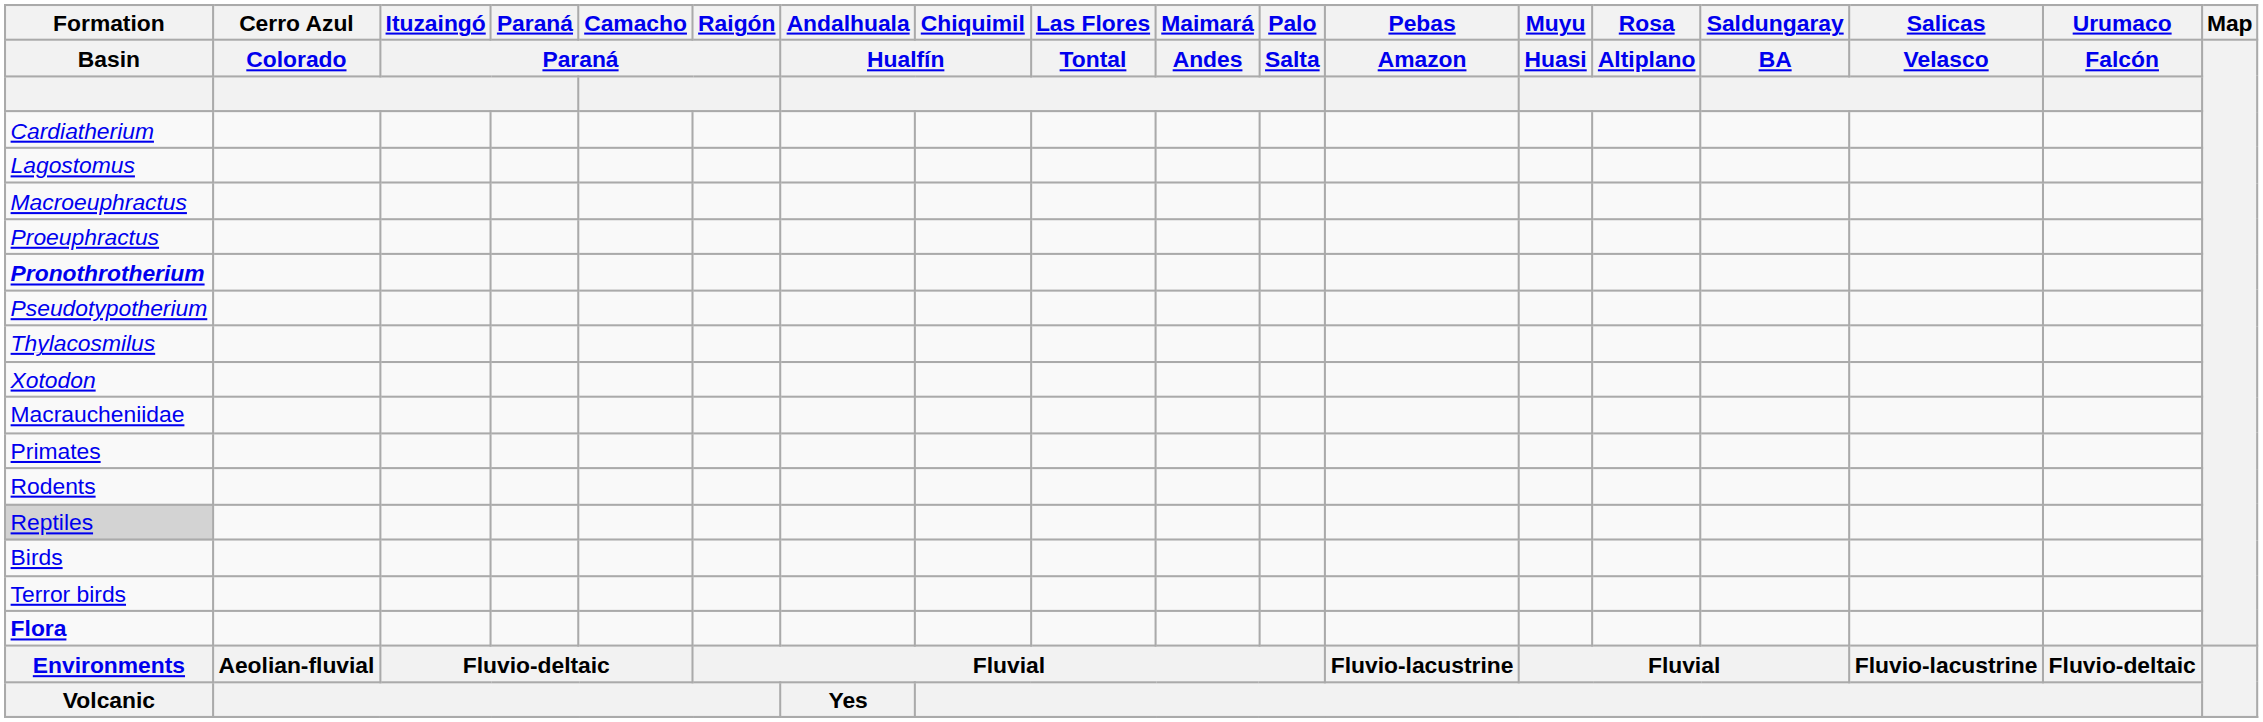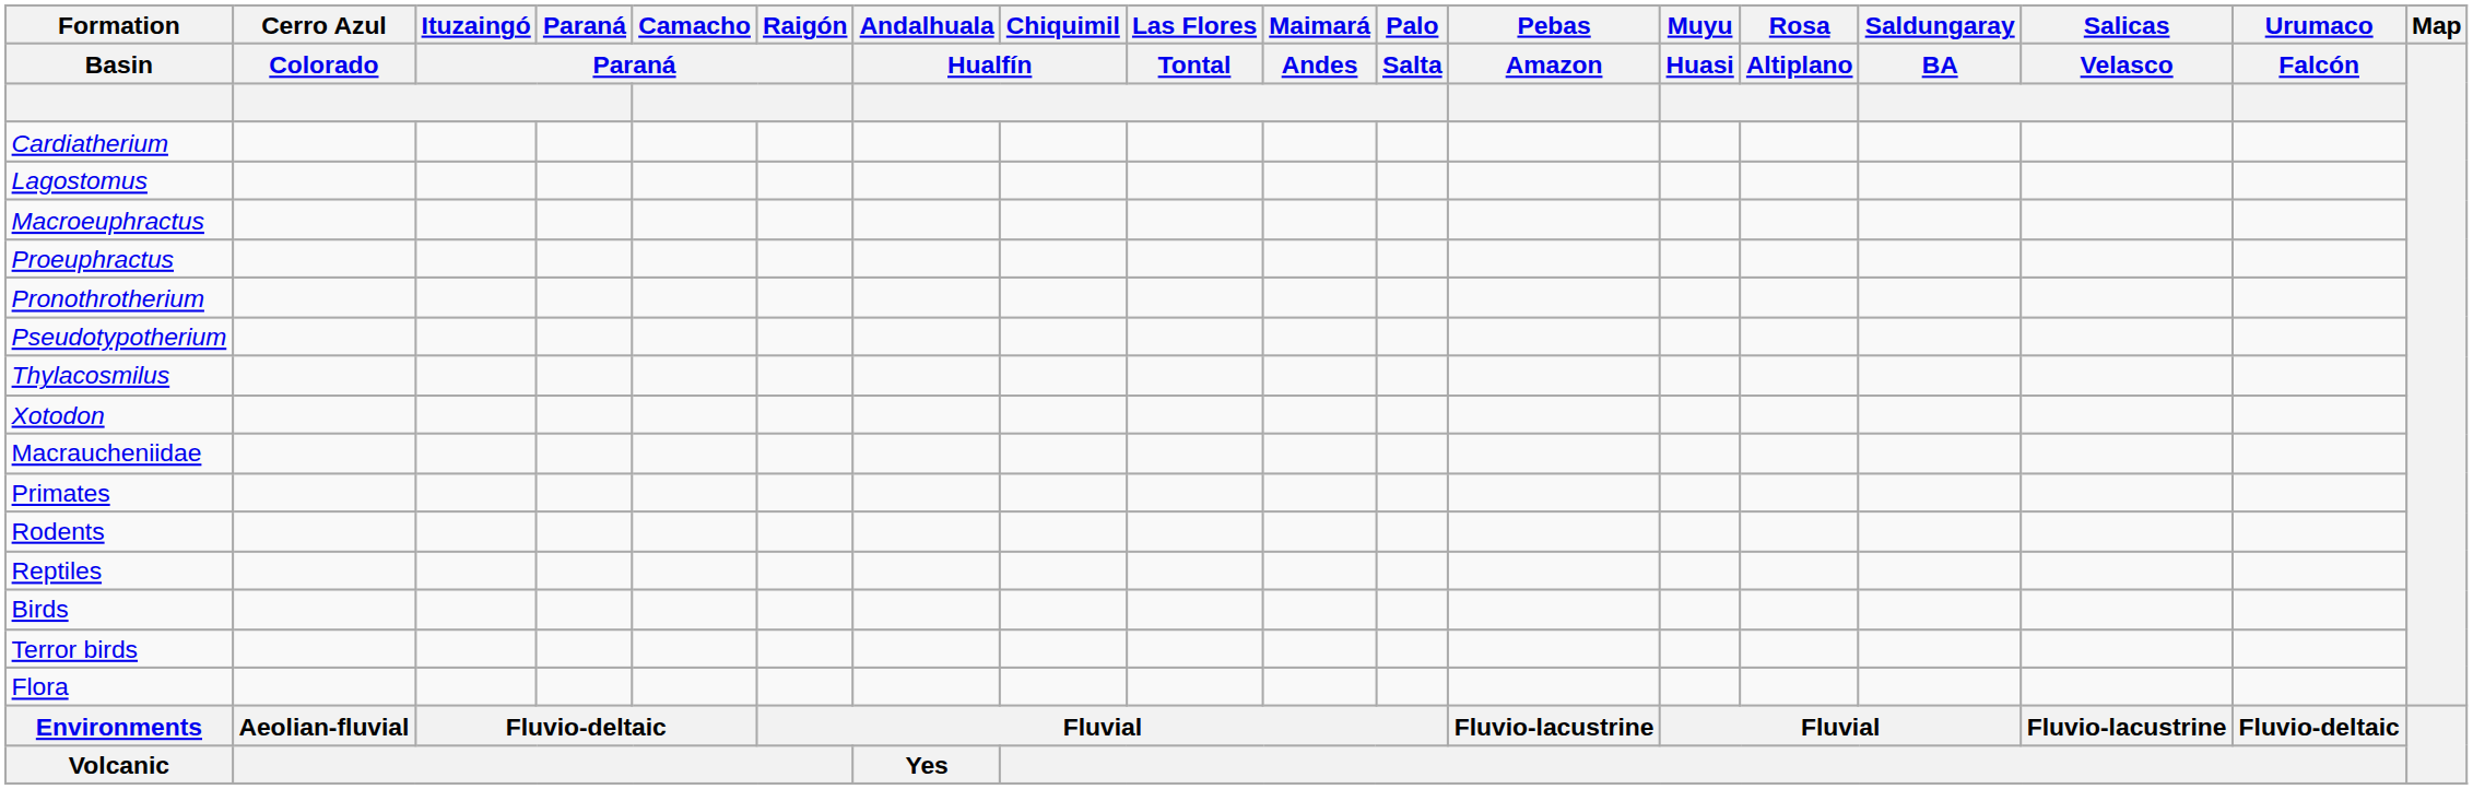 <table class="wikitable" style="font-size: 70%">
 <tr>
 <th>Formation</th>
 <th>Cerro Azul</th>
 <th><a href='#'>Ituzaingó</a></th>
 <th><a href='#'>Paraná</a></th>
 <th><a href='#'>Camacho</a></th>
 <th><a href='#'>Raigón</a></th>
 <th><a href='#'>Andalhuala</a></th>
 <th><a href='#'>Chiquimil</a></th>
 <th><a href='#'>Las Flores</a></th>
 <th><a href='#'>Maimará</a></th>
 <th><a href='#'>Palo</a></th>
 <th><a href='#'>Pebas</a></th>
 <th><a href='#'>Muyu</a></th>
 <th><a href='#'>Rosa</a></th>
 <th><a href='#'>Saldungaray</a></th>
 <th><a href='#'>Salicas</a></th>
 <th><a href='#'>Urumaco</a></th>
 <th>Map</th>
 </tr>
 <tr>
 <th>Basin</th>
 <th><a href='#'>Colorado</a></th>
 <th colspan=4><a href='#'>Paraná</a></th>
 <th colspan=2><a href='#'>Hualfín</a></th>
 <th><a href='#'>Tontal</a></th>
 <th><a href='#'>Andes</a></th>
 <th><a href='#'>Salta</a></th>
 <th><a href='#'>Amazon</a></th>
 <th><a href='#'>Huasi</a></th>
 <th><a href='#'>Altiplano</a></th>
 <th><a href='#'>BA</a></th>
 <th><a href='#'>Velasco</a></th>
 <th><a href='#'>Falcón</a></th>
 <th align=center rowspan=17></th>
 </tr>
 <tr>
 <th></th>
 <th colspan=3></th>
 <th colspan=2></th>
 <th colspan=5></th>
 <th><br></th>
 <th colspan=2></th>
 <th colspan=2></th>
 <th></th>
 </tr>
 <tr>
 <td><em><a href='#'>Cardiatherium</a></em></td>
 <td align=center></td>
 <td align=center></td>
 <td align=center></td>
 <td align=center></td>
 <td align=center></td>
 <td align=center></td>
 <td align=center></td>
 <td align=center></td>
 <td align=center></td>
 <td align=center></td>
 <td align=center></td>
 <td align=center></td>
 <td align=center></td>
 <td align=center></td>
 <td align=center></td>
 <td align=center></td>
 </tr>
 <tr>
 <td><em><a href='#'>Lagostomus</a></em></td>
 <td align=center></td>
 <td align=center></td>
 <td align=center></td>
 <td align=center></td>
 <td align=center></td>
 <td align=center></td>
 <td align=center></td>
 <td align=center></td>
 <td align=center></td>
 <td align=center></td>
 <td align=center></td>
 <td align=center></td>
 <td align=center></td>
 <td align=center></td>
 <td align=center></td>
 <td></td>
 </tr>
 <tr>
 <td><em><a href='#'>Macroeuphractus</a></em></td>
 <td align=center></td>
 <td align=center></td>
 <td align=center></td>
 <td align=center></td>
 <td align=center></td>
 <td align=center></td>
 <td align=center></td>
 <td align=center></td>
 <td align=center></td>
 <td align=center></td>
 <td align=center></td>
 <td align=center></td>
 <td align=center></td>
 <td align=center></td>
 <td align=center></td>
 <td></td>
 </tr>
 <tr>
 <td><em><a href='#'>Proeuphractus</a></em></td>
 <td align=center></td>
 <td align=center></td>
 <td align=center></td>
 <td align=center></td>
 <td align=center></td>
 <td align=center></td>
 <td align=center></td>
 <td align=center></td>
 <td align=center></td>
 <td align=center></td>
 <td align=center></td>
 <td align=center></td>
 <td align=center></td>
 <td align=center></td>
 <td align=center></td>
 <td align=center></td>
 </tr>
 <tr>
-<td><strong><em><a href='#'>Pronothrotherium</a></em></strong></td>
+<td><em><a href='#'>Pronothrotherium</a></em></td>
 <td align=center></td>
 <td align=center></td>
 <td align=center></td>
 <td align=center></td>
 <td align=center></td>
 <td align=center></td>
 <td align=center></td>
 <td align=center></td>
 <td align=center></td>
 <td align=center></td>
 <td align=center></td>
 <td align=center></td>
 <td align=center></td>
 <td align=center></td>
 <td align=center></td>
 <td align=center></td>
 </tr>
 <tr>
 <td><em><a href='#'>Pseudotypotherium</a></em></td>
 <td align=center></td>
 <td align=center></td>
 <td align=center></td>
 <td align=center></td>
 <td align=center></td>
 <td align=center></td>
 <td align=center></td>
 <td align=center></td>
 <td align=center></td>
 <td align=center></td>
 <td align=center></td>
 <td align=center></td>
 <td align=center></td>
 <td align=center></td>
 <td align=center></td>
 <td align=center></td>
 </tr>
 <tr>
 <td><em><a href='#'>Thylacosmilus</a></em></td>
 <td align=center></td>
 <td align=center></td>
 <td align=center></td>
 <td align=center></td>
 <td align=center></td>
 <td align=center></td>
 <td align=center></td>
 <td align=center></td>
 <td align=center></td>
 <td align=center></td>
 <td align=center></td>
 <td align=center></td>
 <td align=center></td>
 <td align=center></td>
 <td align=center></td>
 <td></td>
 </tr>
 <tr>
 <td><em><a href='#'>Xotodon</a></em></td>
 <td align=center></td>
 <td align=center></td>
 <td align=center></td>
 <td align=center></td>
 <td align=center></td>
 <td align=center></td>
 <td align=center></td>
 <td align=center></td>
 <td align=center></td>
 <td align=center></td>
 <td align=center></td>
 <td align=center></td>
 <td align=center></td>
 <td align=center></td>
 <td align=center></td>
 <td align=center></td>
 </tr>
 <tr>
 <td><a href='#'>Macraucheniidae</a></td>
 <td align=center></td>
 <td align=center></td>
 <td align=center></td>
 <td align=center></td>
 <td align=center></td>
 <td align=center></td>
 <td align=center></td>
 <td align=center></td>
 <td align=center></td>
 <td align=center></td>
 <td align=center></td>
 <td align=center></td>
 <td align=center></td>
 <td align=center></td>
 <td align=center></td>
 <td align=center></td>
 </tr>
 <tr>
 <td><a href='#'>Primates</a></td>
 <td align=center></td>
 <td align=center></td>
 <td align=center></td>
 <td align=center></td>
 <td align=center></td>
 <td align=center></td>
 <td align=center></td>
 <td align=center></td>
 <td align=center></td>
 <td align=center></td>
 <td align=center></td>
 <td align=center></td>
 <td align=center></td>
 <td align=center></td>
 <td align=center></td>
 <td align=center></td>
 </tr>
 <tr>
 <td><a href='#'>Rodents</a></td>
 <td align=center></td>
 <td align=center></td>
 <td align=center></td>
 <td align=center></td>
 <td align=center></td>
 <td align=center></td>
 <td align=center></td>
 <td align=center></td>
 <td align=center></td>
 <td align=center></td>
 <td align=center></td>
 <td align=center></td>
 <td align=center></td>
 <td align=center></td>
 <td align=center></td>
 <td align=center></td>
 </tr>
 <tr>
-<td style="background: lightgrey;"><a href='#'>Reptiles</a></td>
+<td><a href='#'>Reptiles</a></td>
 <td align=center></td>
 <td align=center></td>
 <td align=center></td>
 <td align=center></td>
 <td align=center></td>
 <td align=center></td>
 <td align=center></td>
 <td align=center></td>
 <td align=center></td>
 <td align=center></td>
 <td align=center></td>
 <td align=center></td>
 <td align=center></td>
 <td align=center></td>
 <td align=center></td>
 <td align=center></td>
 </tr>
 <tr>
 <td><a href='#'>Birds</a></td>
 <td align=center></td>
 <td align=center></td>
 <td align=center></td>
 <td align=center></td>
 <td align=center></td>
 <td align=center></td>
 <td align=center></td>
 <td align=center></td>
 <td align=center></td>
 <td align=center></td>
 <td align=center></td>
 <td></td>
 <td align=center></td>
 <td align=center></td>
 <td align=center></td>
 <td align=center></td>
 </tr>
 <tr>
 <td><a href='#'>Terror birds</a></td>
 <td align=center></td>
 <td align=center></td>
 <td align=center></td>
 <td align=center></td>
 <td align=center></td>
 <td align=center></td>
 <td align=center></td>
 <td align=center></td>
 <td align=center></td>
 <td align=center></td>
 <td align=center></td>
 <td align=center></td>
 <td align=center></td>
 <td align=center></td>
 <td align=center></td>
 <td align=center></td>
 </tr>
 <tr>
-<td><strong><a href='#'>Flora</a></strong></td>
+<td><a href='#'>Flora</a></td>
 <td align=center></td>
 <td align=center></td>
 <td align=center></td>
 <td align=center></td>
 <td align=center></td>
 <td align=center></td>
 <td align=center></td>
 <td align=center></td>
 <td align=center></td>
 <td align=center></td>
 <td align=center></td>
 <td align=center></td>
 <td align=center></td>
 <td align=center></td>
 <td align=center></td>
 <td align=center></td>
 </tr>
 <tr>
 <th><a href='#'>Environments</a></th>
 <th>Aeolian-fluvial</th>
 <th colspan=3>Fluvio-deltaic</th>
 <th colspan=6>Fluvial</th>
 <th>Fluvio-lacustrine</th>
 <th colspan=3>Fluvial</th>
 <th>Fluvio-lacustrine</th>
 <th>Fluvio-deltaic</th>
 <th rowspan=2 align=left><br><br></th>
 </tr>
 <tr>
 <th>Volcanic</th>
 <th colspan=5></th>
 <th>Yes</th>
 <th colspan=10></th>
 </tr>
 <tr>
 </tr>
 </table>
